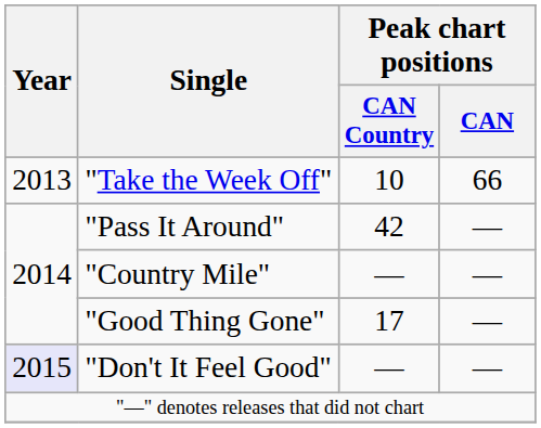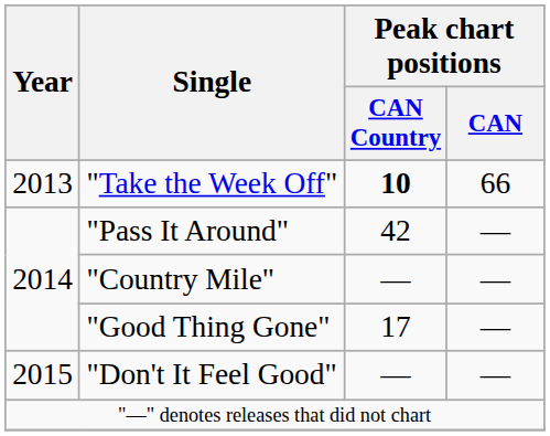 <table class="wikitable" style="text-align:center;">
 <tr>
 <th rowspan="2">Year</th>
 <th rowspan="2">Single</th>
 <th colspan="2">Peak chart<br>positions</th>
 </tr>
 <tr style="font-size:smaller;">
 <th width="45"><a href='#'>CAN Country</a><br></th>
 <th width="45"><a href='#'>CAN</a><br></th>
 </tr>
 <tr>
 <td>2013</td>
 <td align="left">"<a href='#'>Take the Week Off</a>"</td>
-<td>10</td>
+<td><strong>10</strong></td>
 <td>66</td>
 </tr>
 <tr>
 <td rowspan="3">2014</td>
 <td align="left">"Pass It Around"</td>
 <td>42</td>
 <td>—</td>
 </tr>
 <tr>
 <td align="left">"Country Mile"</td>
 <td>—</td>
 <td>—</td>
 </tr>
 <tr>
 <td align="left">"Good Thing Gone"</td>
 <td>17</td>
 <td>—</td>
 </tr>
 <tr>
-<td style="background: lavender;">2015</td>
+<td>2015</td>
 <td align="left">"Don't It Feel Good"</td>
 <td>—</td>
 <td>—</td>
 </tr>
 <tr>
 <td colspan="4" style="font-size:8pt">"—" denotes releases that did not chart</td>
 </tr>
 <tr>
 </tr>
 </table>
